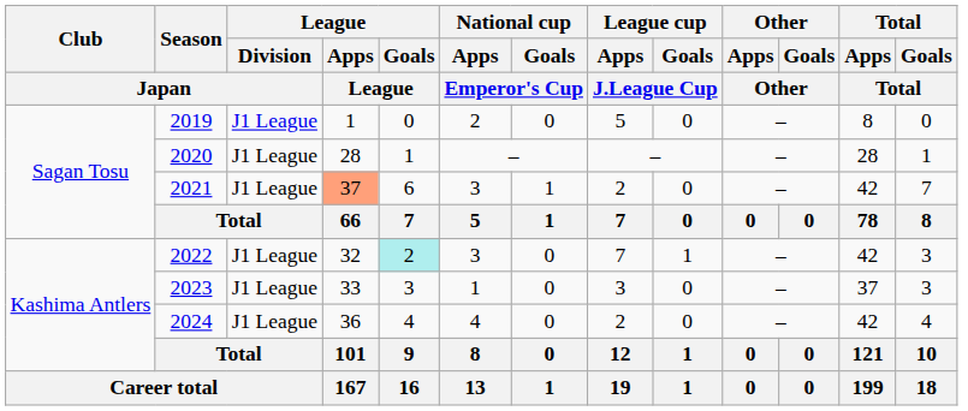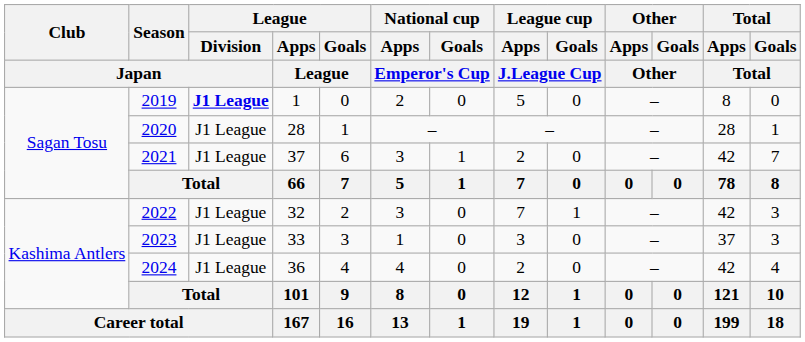 <table class="wikitable" style="text-align:center;">
 <tr>
 <th rowspan=2>Club</th>
 <th rowspan=2>Season</th>
 <th colspan=3>League</th>
 <th colspan=2>National cup</th>
 <th colspan=2>League cup</th>
 <th colspan=2>Other</th>
 <th colspan=2>Total</th>
 </tr>
 <tr>
 <th>Division</th>
 <th>Apps</th>
 <th>Goals</th>
 <th>Apps</th>
 <th>Goals</th>
 <th>Apps</th>
 <th>Goals</th>
 <th>Apps</th>
 <th>Goals</th>
 <th>Apps</th>
 <th>Goals</th>
 </tr>
 <tr>
 <th colspan=3>Japan</th>
 <th colspan=2>League</th>
 <th colspan=2><a href='#'>Emperor's Cup</a></th>
 <th colspan=2><a href='#'>J.League Cup</a></th>
 <th colspan=2>Other</th>
 <th colspan=2>Total</th>
 </tr>
 <tr>
 <td rowspan="4"><a href='#'>Sagan Tosu</a></td>
 <td><a href='#'>2019</a></td>
-<td><a href='#'>J1 League</a></td>
+<td><strong><a href='#'>J1 League</a></strong></td>
 <td>1</td>
 <td>0</td>
 <td>2</td>
 <td>0</td>
 <td>5</td>
 <td>0</td>
 <td colspan="2">–</td>
 <td>8</td>
 <td>0</td>
 </tr>
 <tr>
 <td><a href='#'>2020</a></td>
 <td>J1 League</td>
 <td>28</td>
 <td>1</td>
 <td colspan="2">–</td>
 <td colspan="2">–</td>
 <td colspan="2">–</td>
 <td>28</td>
 <td>1</td>
 </tr>
 <tr>
 <td><a href='#'>2021</a></td>
 <td>J1 League</td>
-<td style="background: lightsalmon;">37</td>
+<td>37</td>
 <td>6</td>
 <td>3</td>
 <td>1</td>
 <td>2</td>
 <td>0</td>
 <td colspan="2">–</td>
 <td>42</td>
 <td>7</td>
 </tr>
 <tr>
 <th colspan="2">Total</th>
 <th>66</th>
 <th>7</th>
 <th>5</th>
 <th>1</th>
 <th>7</th>
 <th>0</th>
 <th>0</th>
 <th>0</th>
 <th>78</th>
 <th>8</th>
 </tr>
 <tr>
 <td rowspan="4"><a href='#'>Kashima Antlers</a></td>
 <td><a href='#'>2022</a></td>
 <td>J1 League</td>
 <td>32</td>
-<td style="background: paleturquoise;">2</td>
+<td>2</td>
 <td>3</td>
 <td>0</td>
 <td>7</td>
 <td>1</td>
 <td colspan="2">–</td>
 <td>42</td>
 <td>3</td>
 </tr>
 <tr>
 <td><a href='#'>2023</a></td>
 <td>J1 League</td>
 <td>33</td>
 <td>3</td>
 <td>1</td>
 <td>0</td>
 <td>3</td>
 <td>0</td>
 <td colspan="2">–</td>
 <td>37</td>
 <td>3</td>
 </tr>
 <tr>
 <td><a href='#'>2024</a></td>
 <td>J1 League</td>
 <td>36</td>
 <td>4</td>
 <td>4</td>
 <td>0</td>
 <td>2</td>
 <td>0</td>
 <td colspan="2">–</td>
 <td>42</td>
 <td>4</td>
 </tr>
 <tr>
 <th colspan="2">Total</th>
 <th>101</th>
 <th>9</th>
 <th>8</th>
 <th>0</th>
 <th>12</th>
 <th>1</th>
 <th>0</th>
 <th>0</th>
 <th>121</th>
 <th>10</th>
 </tr>
 <tr>
 <th colspan=3>Career total</th>
 <th>167</th>
 <th>16</th>
 <th>13</th>
 <th>1</th>
 <th>19</th>
 <th>1</th>
 <th>0</th>
 <th>0</th>
 <th>199</th>
 <th>18</th>
 </tr>
 </table>
